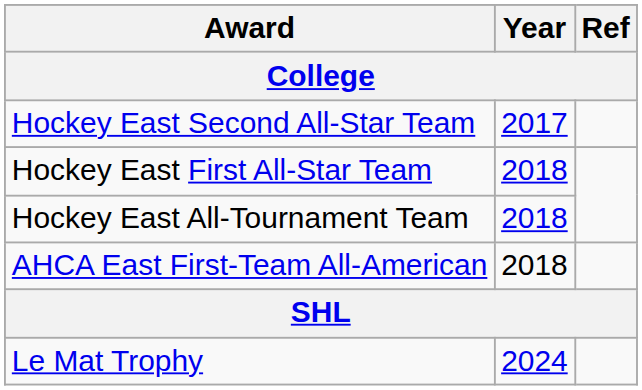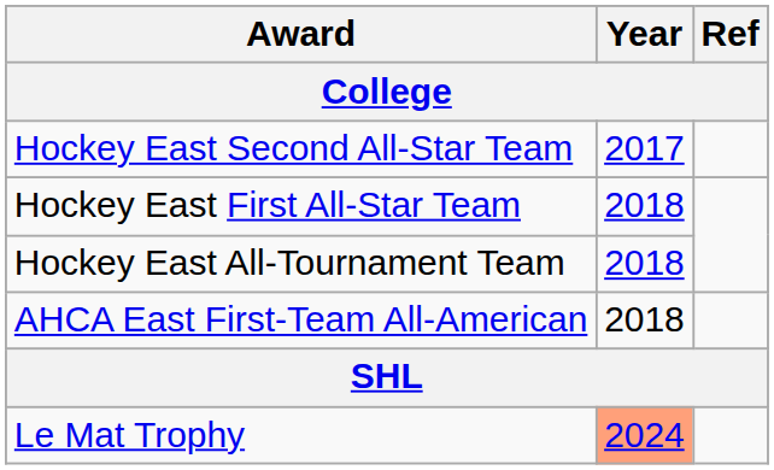 <table class="wikitable">
 <tr>
 <th>Award</th>
 <th>Year</th>
 <th>Ref</th>
 </tr>
 <tr>
 <th colspan="3"><a href='#'>College</a></th>
 </tr>
 <tr>
 <td><a href='#'>Hockey East Second All-Star Team</a></td>
 <td><a href='#'>2017</a></td>
 <td></td>
 </tr>
 <tr>
 <td>Hockey East <a href='#'>First All-Star Team</a></td>
 <td><a href='#'>2018</a></td>
 <td rowspan="2"></td>
 </tr>
 <tr>
 <td>Hockey East All-Tournament Team</td>
 <td><a href='#'>2018</a></td>
 </tr>
 <tr>
 <td><a href='#'>AHCA East First-Team All-American</a></td>
 <td>2018</td>
 <td></td>
 </tr>
 <tr ALIGN="center" bgcolor="#e0e0e0">
 <th colspan="3"><a href='#'>SHL</a></th>
 </tr>
 <tr>
 <td><a href='#'>Le Mat Trophy</a></td>
-<td><a href='#'>2024</a></td>
+<td style="background: lightsalmon;"><a href='#'>2024</a></td>
 <td></td>
 </tr>
 </table>
